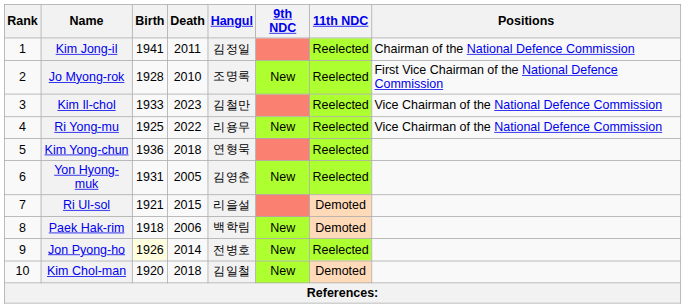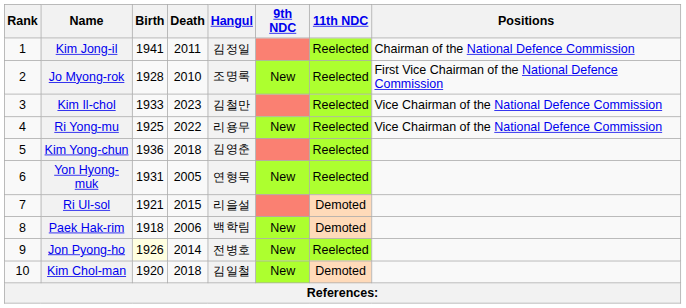 <table class="wikitable sortable">
 <tr>
 <th>Rank</th>
 <th>Name</th>
 <th>Birth</th>
 <th>Death</th>
 <th class="unsortable"><a href='#'>Hangul</a></th>
 <th><a href='#'>9th NDC</a></th>
 <th><a href='#'>11th NDC</a></th>
 <th>Positions</th>
 </tr>
 <tr>
 <td align="center">1</td>
 <th align="center" scope="row" style="font-weight:normal;"><a href='#'>Kim Jong-il</a></th>
 <td align="center">1941</td>
 <td align="center">2011</td>
 <th align="center" scope="row" style="font-weight:normal;">김정일</th>
 <td style="background: Salmon" align="center"></td>
 <td align="center" style="background: GreenYellow">Reelected</td>
 <td>Chairman of the <a href='#'>National Defence Commission</a></td>
 </tr>
 <tr>
 <td align="center">2</td>
 <th align="center" scope="row" style="font-weight:normal;"><a href='#'>Jo Myong-rok</a></th>
 <td align="center">1928</td>
 <td align="center">2010</td>
 <th align="center" scope="row" style="font-weight:normal;">조명록</th>
 <td align="center" style="background: GreenYellow">New</td>
 <td align="center" style="background: GreenYellow">Reelected</td>
 <td>First Vice Chairman of the <a href='#'>National Defence Commission</a></td>
 </tr>
 <tr>
 <td align="center">3</td>
 <th align="center" scope="row" style="font-weight:normal;"><a href='#'>Kim Il-chol</a></th>
 <td align="center">1933</td>
 <td align="center">2023</td>
 <th align="center" scope="row" style="font-weight:normal;">김철만</th>
 <td style="background: Salmon" align="center"></td>
 <td align="center" style="background: GreenYellow">Reelected</td>
 <td>Vice Chairman of the <a href='#'>National Defence Commission</a></td>
 </tr>
 <tr>
 <td align="center">4</td>
 <th align="center" scope="row" style="font-weight:normal;"><a href='#'>Ri Yong-mu</a></th>
 <td align="center">1925</td>
 <td align="center">2022</td>
 <th align="center" scope="row" style="font-weight:normal;">리용무</th>
 <td align="center" style="background: GreenYellow">New</td>
 <td align="center" style="background: GreenYellow">Reelected</td>
 <td>Vice Chairman of the <a href='#'>National Defence Commission</a></td>
 </tr>
 <tr>
 <td align="center">5</td>
 <th align="center" scope="row" style="font-weight:normal;"><a href='#'>Kim Yong-chun</a></th>
 <td align="center">1936</td>
 <td align="center">2018</td>
-<th align="center" scope="row" style="font-weight:normal;">연형묵</th>
+<th align="center" scope="row" style="font-weight:normal;">김영춘</th>
 <td style="background: Salmon" align="center"></td>
 <td align="center" style="background: GreenYellow">Reelected</td>
 <td></td>
 </tr>
 <tr>
 <td align="center">6</td>
 <th align="center" scope="row" style="font-weight:normal;"><a href='#'>Yon Hyong-muk</a></th>
 <td align="center">1931</td>
 <td align="center">2005</td>
-<th align="center" scope="row" style="font-weight:normal;">김영춘</th>
+<th align="center" scope="row" style="font-weight:normal;">연형묵</th>
 <td align="center" style="background: GreenYellow">New</td>
 <td align="center" style="background: GreenYellow">Reelected</td>
 <td></td>
 </tr>
 <tr>
 <td align="center">7</td>
 <th align="center" scope="row" style="font-weight:normal;"><a href='#'>Ri Ul-sol</a></th>
 <td align="center">1921</td>
 <td align="center">2015</td>
 <th align="center" scope="row" style="font-weight:normal;">리을설</th>
 <td style="background: Salmon" align="center"></td>
 <td style="background: PeachPuff" align="center">Demoted</td>
 <td></td>
 </tr>
 <tr>
 <td align="center">8</td>
 <th align="center" scope="row" style="font-weight:normal;"><a href='#'>Paek Hak-rim</a></th>
 <td align="center">1918</td>
 <td align="center">2006</td>
 <th align="center" scope="row" style="font-weight:normal;">백학림</th>
 <td align="center" style="background: GreenYellow">New</td>
 <td style="background: PeachPuff" align="center">Demoted</td>
 <td></td>
 </tr>
 <tr>
 <td align="center">9</td>
 <th align="center" scope="row" style="font-weight:normal;"><a href='#'>Jon Pyong-ho</a></th>
 <td align="center" style="background: lightyellow;">1926</td>
 <td align="center">2014</td>
 <th align="center" scope="row" style="font-weight:normal;">전병호</th>
 <td align="center" style="background: GreenYellow">New</td>
 <td align="center" style="background: GreenYellow">Reelected</td>
 <td></td>
 </tr>
 <tr>
 <td align="center">10</td>
 <th align="center" scope="row" style="font-weight:normal;"><a href='#'>Kim Chol-man</a></th>
 <td align="center">1920</td>
 <td align="center">2018</td>
 <th align="center" scope="row" style="font-weight:normal;">김일철</th>
 <td align="center" style="background: GreenYellow">New</td>
 <td style="background: PeachPuff" align="center">Demoted</td>
 <td></td>
 </tr>
 <tr>
 <th colspan="8" unsortable><strong>References:</strong><br></th>
 </tr>
 </table>
